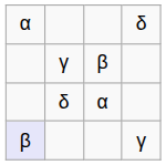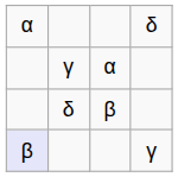 <table class="wikitable" style="margin-left:auto;margin-right:auto;text-align:center;width:8em;height:8em;table-layout:fixed;">
 <tr>
 <td>α</td>
 <td></td>
 <td></td>
 <td>δ</td>
 </tr>
 <tr>
 <td></td>
 <td>γ</td>
-<td>β</td>
+<td>α</td>
 <td></td>
 </tr>
 <tr>
 <td></td>
 <td>δ</td>
-<td>α</td>
+<td>β</td>
 <td></td>
 </tr>
 <tr>
 <td style="background: lavender;">β</td>
 <td></td>
 <td></td>
 <td>γ</td>
 </tr>
 </table>
